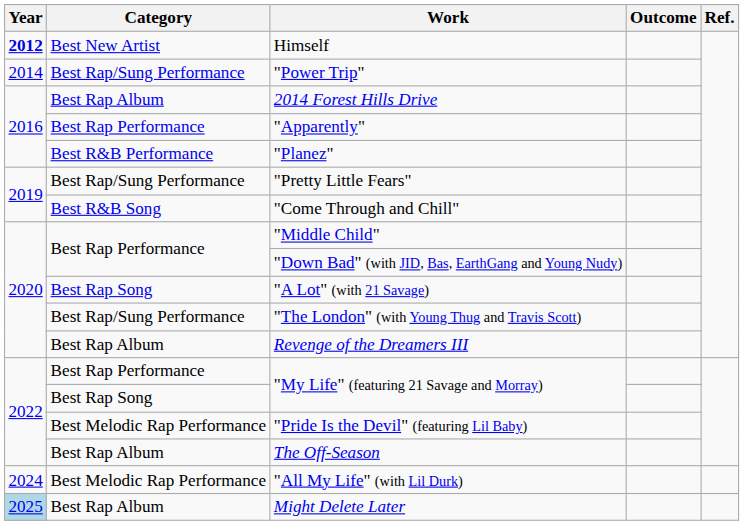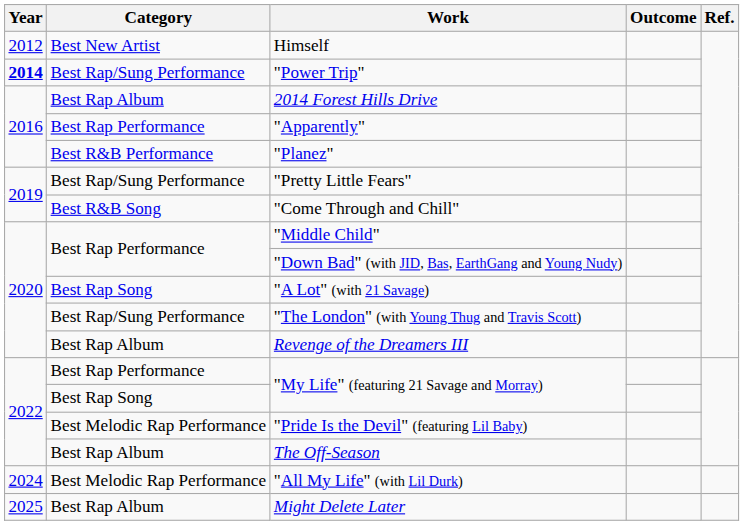 <table class="wikitable Sortable">
 <tr>
 <th>Year</th>
 <th>Category</th>
 <th>Work</th>
 <th>Outcome</th>
 <th>Ref.</th>
 </tr>
 <tr>
-<td><strong><a href='#'>2012</a></strong></td>
+<td><a href='#'>2012</a></td>
 <td><a href='#'>Best New Artist</a></td>
 <td>Himself</td>
 <td></td>
 <td rowspan="12"></td>
 </tr>
 <tr>
-<td><a href='#'>2014</a></td>
+<td><strong><a href='#'>2014</a></strong></td>
 <td><a href='#'>Best Rap/Sung Performance</a></td>
 <td>"<a href='#'>Power Trip</a>"</td>
 <td></td>
 </tr>
 <tr>
 <td rowspan="3"><a href='#'>2016</a></td>
 <td><a href='#'>Best Rap Album</a></td>
 <td><em><a href='#'>2014 Forest Hills Drive</a></em></td>
 <td></td>
 </tr>
 <tr>
 <td><a href='#'>Best Rap Performance</a></td>
 <td>"<a href='#'>Apparently</a>"</td>
 <td></td>
 </tr>
 <tr>
 <td><a href='#'>Best R&B Performance</a></td>
 <td>"<a href='#'>Planez</a>"</td>
 <td></td>
 </tr>
 <tr>
 <td rowspan="2"><a href='#'>2019</a></td>
 <td>Best Rap/Sung Performance</td>
 <td>"Pretty Little Fears"</td>
 <td></td>
 </tr>
 <tr>
 <td><a href='#'>Best R&B Song</a></td>
 <td>"Come Through and Chill"</td>
 <td></td>
 </tr>
 <tr>
 <td rowspan="5"><a href='#'>2020</a></td>
 <td rowspan="2">Best Rap Performance</td>
 <td>"<a href='#'>Middle Child</a>"</td>
 <td></td>
 </tr>
 <tr>
 <td>"<a href='#'>Down Bad</a>" <small>(with <a href='#'>JID</a>, <a href='#'>Bas</a>, <a href='#'>EarthGang</a> and <a href='#'>Young Nudy</a>)</small></td>
 <td></td>
 </tr>
 <tr>
 <td><a href='#'>Best Rap Song</a></td>
 <td>"<a href='#'>A Lot</a>" <small>(with <a href='#'>21 Savage</a>)</small></td>
 <td></td>
 </tr>
 <tr>
 <td>Best Rap/Sung Performance</td>
 <td>"<a href='#'>The London</a>" <small>(with <a href='#'>Young Thug</a> and <a href='#'>Travis Scott</a>)</small></td>
 <td></td>
 </tr>
 <tr>
 <td>Best Rap Album</td>
 <td><em><a href='#'>Revenge of the Dreamers III</a></em></td>
 <td></td>
 </tr>
 <tr>
 <td rowspan="4"><a href='#'>2022</a></td>
 <td>Best Rap Performance</td>
 <td rowspan="2">"<a href='#'>My Life</a>" <small>(featuring 21 Savage and <a href='#'>Morray</a>)</small></td>
 <td></td>
 <td rowspan="4"></td>
 </tr>
 <tr>
 <td>Best Rap Song</td>
 <td></td>
 </tr>
 <tr>
 <td>Best Melodic Rap Performance</td>
 <td>"<a href='#'>Pride Is the Devil</a>" <small>(featuring <a href='#'>Lil Baby</a>)</small></td>
 <td></td>
 </tr>
 <tr>
 <td>Best Rap Album</td>
 <td><em><a href='#'>The Off-Season</a></em></td>
 <td></td>
 </tr>
 <tr>
 <td><a href='#'>2024</a></td>
 <td>Best Melodic Rap Performance</td>
 <td>"<a href='#'>All My Life</a>" <small>(with <a href='#'>Lil Durk</a>)</small></td>
 <td></td>
 <td></td>
 </tr>
 <tr>
-<td style="background: lightblue;"><a href='#'>2025</a></td>
+<td><a href='#'>2025</a></td>
 <td>Best Rap Album</td>
 <td><em><a href='#'>Might Delete Later</a></em></td>
 <td></td>
 <td></td>
 </tr>
 </table>
